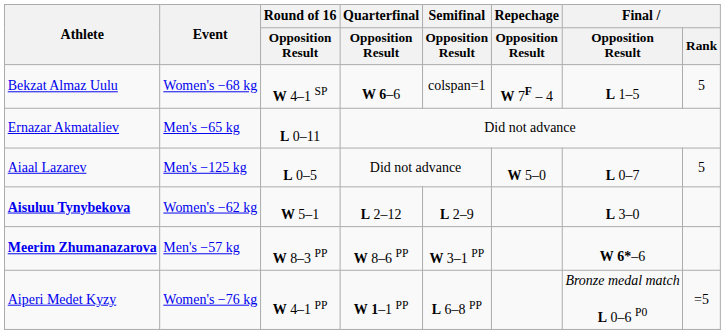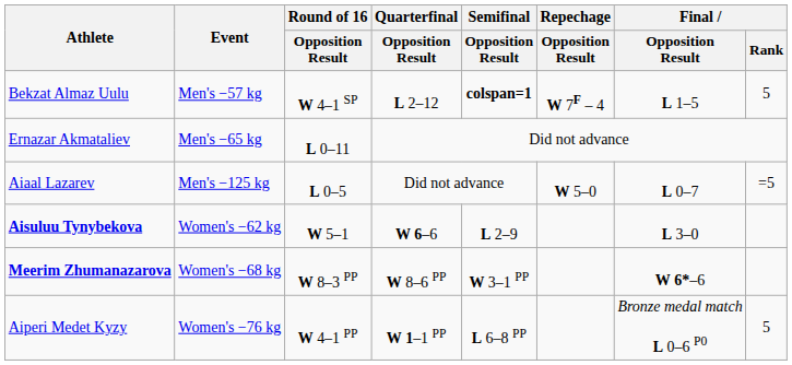 <table class="wikitable" style="font-size:90%">
 <tr>
 <th rowspan=2>Athlete</th>
 <th rowspan=2>Event</th>
 <th>Round of 16</th>
 <th>Quarterfinal</th>
 <th>Semifinal</th>
 <th>Repechage</th>
 <th colspan=2>Final / </th>
 </tr>
 <tr style="font-size: 95%">
 <th>Opposition<br>Result</th>
 <th>Opposition<br>Result</th>
 <th>Opposition<br>Result</th>
 <th>Opposition<br>Result</th>
 <th>Opposition<br>Result</th>
 <th>Rank</th>
 </tr>
 <tr align=center>
 <td align=left><a href='#'>Bekzat Almaz Uulu</a></td>
-<td align=left><a href='#'>Women's −68 kg</a></td>
+<td align=left><a href='#'>Men's −57 kg</a></td>
 <td><br> <strong>W</strong> 4–1 <sup>SP</sup></td>
-<td><br> <strong>W</strong> <strong>6</strong>–6</td>
-<td>colspan=1 </td>
+<td><br> <strong>L</strong> 2–12</td>
+<td><strong>colspan=1 </strong></td>
 <td><br> <strong>W</strong> 7<sup><strong>F</strong></sup> – 4</td>
 <td><br><strong>L</strong> 1–5</td>
 <td>5</td>
 </tr>
 <tr align=center>
 <td align=left><a href='#'>Ernazar Akmataliev</a></td>
 <td align=left><a href='#'>Men's −65 kg</a></td>
 <td><br> <strong>L</strong> 0–11</td>
 <td colspan=5>Did not advance</td>
 </tr>
 <tr align=center>
 <td align=left><a href='#'>Aiaal Lazarev</a></td>
 <td align=left><a href='#'>Men's −125 kg</a></td>
 <td><br> <strong>L</strong> 0–5</td>
 <td colspan=2>Did not advance</td>
 <td><br> <strong>W</strong> 5–0</td>
 <td><br> <strong>L</strong> 0–7</td>
-<td>5</td>
+<td>=5</td>
 </tr>
 <tr align=center>
 <td align=left><strong><a href='#'>Aisuluu Tynybekova</a></strong></td>
 <td align=left><a href='#'>Women's −62 kg</a></td>
 <td><br> <strong>W</strong> 5–1</td>
-<td><br> <strong>L</strong> 2–12</td>
+<td><br> <strong>W</strong> <strong>6</strong>–6</td>
 <td><br> <strong>L</strong> 2–9</td>
 <td></td>
 <td><br><strong>L</strong> 3–0</td>
 <td></td>
 </tr>
 <tr align=center>
 <td align=left><strong><a href='#'>Meerim Zhumanazarova</a></strong></td>
-<td align=left><a href='#'>Men's −57 kg</a></td>
+<td align=left><a href='#'>Women's −68 kg</a></td>
 <td><br><strong>W</strong> 8–3 <sup>PP</sup></td>
 <td><br><strong>W</strong> 8–6 <sup>PP</sup></td>
 <td><br><strong>W</strong> 3–1 <sup>PP</sup></td>
 <td></td>
 <td><br> <strong>W</strong> <strong>6*</strong>–6</td>
 <td></td>
 </tr>
 <tr align=center>
 <td align=left><a href='#'>Aiperi Medet Kyzy</a></td>
 <td align=left><a href='#'>Women's −76 kg</a></td>
 <td><br> <strong>W</strong> 4–1 <sup>PP</sup></td>
 <td><br> <strong>W</strong> <strong>1</strong>–1 <sup>PP</sup></td>
 <td><br> <strong>L</strong> 6–8 <sup>PP</sup></td>
 <td></td>
 <td><em>Bronze medal match</em><br><br><strong>L</strong> 0–6 <sup>P0</sup></td>
-<td>=5</td>
+<td>5</td>
 </tr>
 </table>
